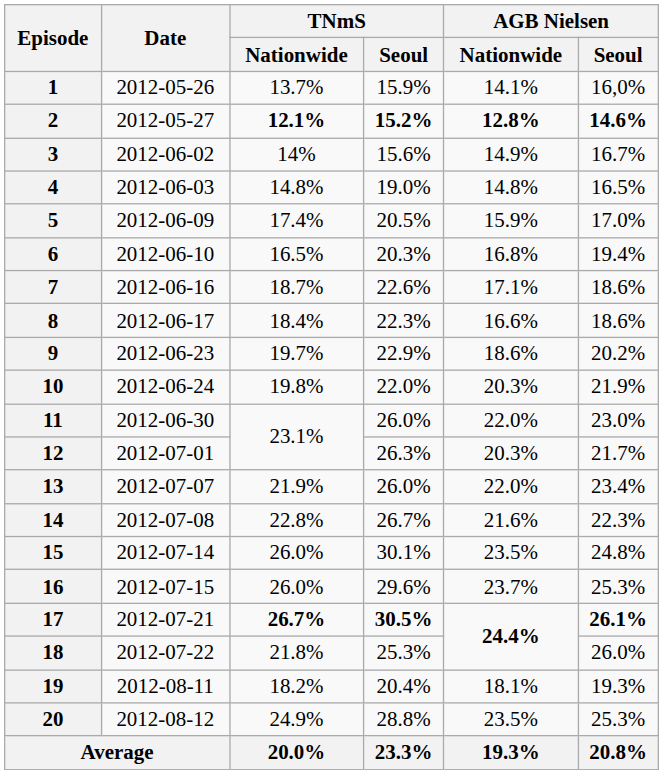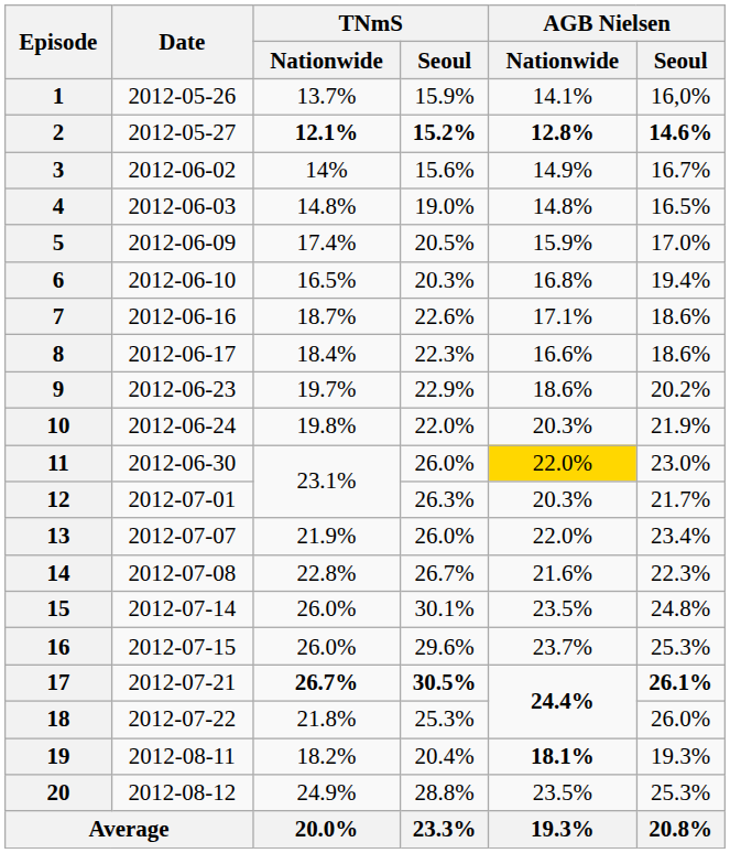 <table class=wikitable style="width: 500px;">
 <tr align=center>
 <th rowspan="2">Episode</th>
 <th rowspan="2">Date</th>
 <th colspan="2">TNmS</th>
 <th colspan="2">AGB Nielsen</th>
 </tr>
 <tr>
 <th>Nationwide</th>
 <th>Seoul</th>
 <th>Nationwide</th>
 <th>Seoul</th>
 </tr>
 <tr align=center>
 <th>1</th>
 <td>2012-05-26</td>
 <td>13.7%</td>
 <td>15.9%</td>
 <td>14.1%</td>
 <td>16,0%</td>
 </tr>
 <tr align=center>
 <th>2</th>
 <td>2012-05-27</td>
 <td><span><strong>12.1%</strong></span></td>
 <td><span><strong>15.2%</strong></span></td>
 <td><span><strong>12.8%</strong></span></td>
 <td><span><strong>14.6%</strong></span></td>
 </tr>
 <tr align=center>
 <th>3</th>
 <td>2012-06-02</td>
 <td>14%</td>
 <td>15.6%</td>
 <td>14.9%</td>
 <td>16.7%</td>
 </tr>
 <tr align=center>
 <th>4</th>
 <td>2012-06-03</td>
 <td>14.8%</td>
 <td>19.0%</td>
 <td>14.8%</td>
 <td>16.5%</td>
 </tr>
 <tr align=center>
 <th>5</th>
 <td>2012-06-09</td>
 <td>17.4%</td>
 <td>20.5%</td>
 <td>15.9%</td>
 <td>17.0%</td>
 </tr>
 <tr align=center>
 <th>6</th>
 <td>2012-06-10</td>
 <td>16.5%</td>
 <td>20.3%</td>
 <td>16.8%</td>
 <td>19.4%</td>
 </tr>
 <tr align=center>
 <th>7</th>
 <td>2012-06-16</td>
 <td>18.7%</td>
 <td>22.6%</td>
 <td>17.1%</td>
 <td>18.6%</td>
 </tr>
 <tr align=center>
 <th>8</th>
 <td>2012-06-17</td>
 <td>18.4%</td>
 <td>22.3%</td>
 <td>16.6%</td>
 <td>18.6%</td>
 </tr>
 <tr align=center>
 <th>9</th>
 <td>2012-06-23</td>
 <td>19.7%</td>
 <td>22.9%</td>
 <td>18.6%</td>
 <td>20.2%</td>
 </tr>
 <tr align=center>
 <th>10</th>
 <td>2012-06-24</td>
 <td>19.8%</td>
 <td>22.0%</td>
 <td>20.3%</td>
 <td>21.9%</td>
 </tr>
 <tr align=center>
 <th>11</th>
 <td>2012-06-30</td>
 <td rowspan="2">23.1%</td>
 <td>26.0%</td>
-<td>22.0%</td>
+<td style="background: gold;">22.0%</td>
 <td>23.0%</td>
 </tr>
 <tr align=center>
 <th>12</th>
 <td>2012-07-01</td>
 <td>26.3%</td>
 <td>20.3%</td>
 <td>21.7%</td>
 </tr>
 <tr align=center>
 <th>13</th>
 <td>2012-07-07</td>
 <td>21.9%</td>
 <td>26.0%</td>
 <td>22.0%</td>
 <td>23.4%</td>
 </tr>
 <tr align=center>
 <th>14</th>
 <td>2012-07-08</td>
 <td>22.8%</td>
 <td>26.7%</td>
 <td>21.6%</td>
 <td>22.3%</td>
 </tr>
 <tr align=center>
 <th>15</th>
 <td>2012-07-14</td>
 <td>26.0%</td>
 <td>30.1%</td>
 <td>23.5%</td>
 <td>24.8%</td>
 </tr>
 <tr align=center>
 <th>16</th>
 <td>2012-07-15</td>
 <td>26.0%</td>
 <td>29.6%</td>
 <td>23.7%</td>
 <td>25.3%</td>
 </tr>
 <tr align=center>
 <th>17</th>
 <td>2012-07-21</td>
 <td><span><strong>26.7%</strong></span></td>
 <td><span><strong>30.5%</strong></span></td>
 <td rowspan="2"><span><strong>24.4%</strong></span></td>
 <td><span><strong>26.1%</strong></span></td>
 </tr>
 <tr align=center>
 <th>18</th>
 <td>2012-07-22</td>
 <td>21.8%</td>
 <td>25.3%</td>
 <td>26.0%</td>
 </tr>
 <tr align=center>
 <th>19</th>
 <td>2012-08-11</td>
 <td>18.2%</td>
 <td>20.4%</td>
-<td>18.1%</td>
+<td><strong>18.1%</strong></td>
 <td>19.3%</td>
 </tr>
 <tr align=center>
 <th>20</th>
 <td>2012-08-12</td>
 <td>24.9%</td>
 <td>28.8%</td>
 <td>23.5%</td>
 <td>25.3%</td>
 </tr>
 <tr>
 <th colspan=2>Average</th>
 <th>20.0%</th>
 <th>23.3%</th>
 <th>19.3%</th>
 <th>20.8%</th>
 </tr>
 </table>
